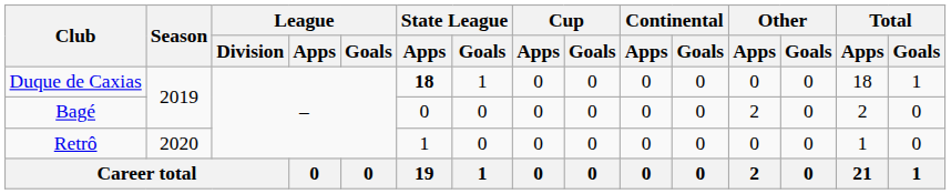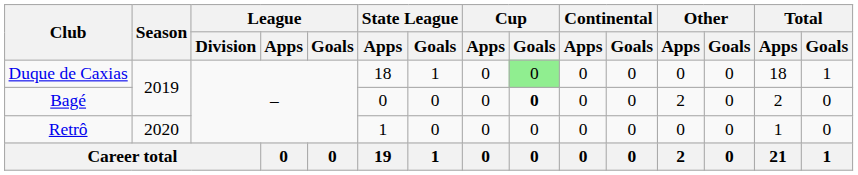 <table class="wikitable" style="text-align: center">
 <tr>
 <th rowspan="2">Club</th>
 <th rowspan="2">Season</th>
 <th colspan="3">League</th>
 <th colspan="2">State League</th>
 <th colspan="2">Cup</th>
 <th colspan="2">Continental</th>
 <th colspan="2">Other</th>
 <th colspan="2">Total</th>
 </tr>
 <tr>
 <th>Division</th>
 <th>Apps</th>
 <th>Goals</th>
 <th>Apps</th>
 <th>Goals</th>
 <th>Apps</th>
 <th>Goals</th>
 <th>Apps</th>
 <th>Goals</th>
 <th>Apps</th>
 <th>Goals</th>
 <th>Apps</th>
 <th>Goals</th>
 </tr>
 <tr>
 <td><a href='#'>Duque de Caxias</a></td>
 <td rowspan="2">2019</td>
 <td colspan="3" rowspan="3">–</td>
-<td><strong>18</strong></td>
+<td>18</td>
 <td>1</td>
 <td>0</td>
-<td>0</td>
+<td style="background: lightgreen;">0</td>
 <td>0</td>
 <td>0</td>
 <td>0</td>
 <td>0</td>
 <td>18</td>
 <td>1</td>
 </tr>
 <tr>
 <td><a href='#'>Bagé</a></td>
 <td>0</td>
 <td>0</td>
 <td>0</td>
-<td>0</td>
+<td><strong>0</strong></td>
 <td>0</td>
 <td>0</td>
 <td>2</td>
 <td>0</td>
 <td>2</td>
 <td>0</td>
 </tr>
 <tr>
 <td><a href='#'>Retrô</a></td>
 <td>2020</td>
 <td>1</td>
 <td>0</td>
 <td>0</td>
 <td>0</td>
 <td>0</td>
 <td>0</td>
 <td>0</td>
 <td>0</td>
 <td>1</td>
 <td>0</td>
 </tr>
 <tr>
 <th colspan="3"><strong>Career total</strong></th>
 <th>0</th>
 <th>0</th>
 <th>19</th>
 <th>1</th>
 <th>0</th>
 <th>0</th>
 <th>0</th>
 <th>0</th>
 <th>2</th>
 <th>0</th>
 <th>21</th>
 <th>1</th>
 </tr>
 </table>
